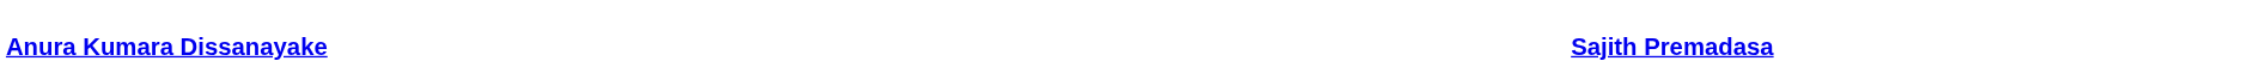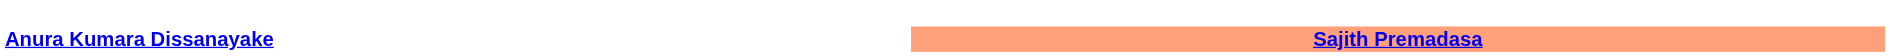 <table style="width:100%; text-align:center">
 <tr style="color:white">
 <td style="background:"><strong>1,909</strong></td>
 <td style="background:"><strong>2,211</strong></td>
 </tr>
 <tr>
 <td style="color:"><strong><a href='#'>Anura Kumara Dissanayake</a></strong></td>
-<td style="color:"><strong><a href='#'>Sajith Premadasa</a></strong></td>
+<td style="background: lightsalmon; color:"><strong><a href='#'>Sajith Premadasa</a></strong></td>
 </tr>
 </table>
